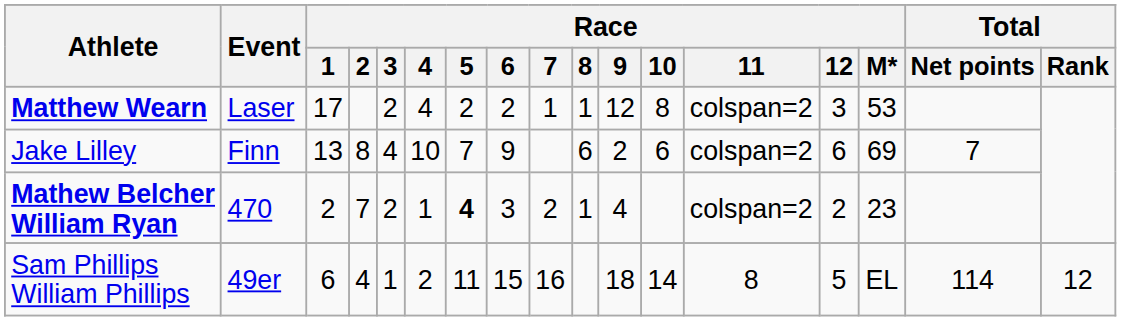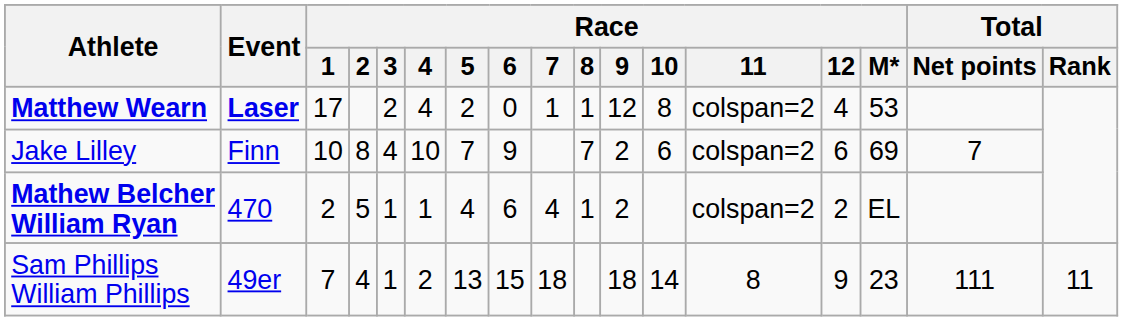 <table class=wikitable style=font-size:90%;text-align:center>
 <tr>
 <th rowspan=2>Athlete</th>
 <th rowspan=2>Event</th>
 <th colspan=13>Race</th>
 <th colspan=2>Total</th>
 </tr>
 <tr style=font-size:95%>
 <th>1</th>
 <th>2</th>
 <th>3</th>
 <th>4</th>
 <th>5</th>
 <th>6</th>
 <th>7</th>
 <th>8</th>
 <th>9</th>
 <th>10</th>
 <th>11</th>
 <th>12</th>
 <th>M*</th>
 <th>Net points</th>
 <th>Rank</th>
 </tr>
 <tr>
 <td align=left><strong><a href='#'>Matthew Wearn</a></strong></td>
-<td align=left><a href='#'>Laser</a></td>
+<td align=left><strong><a href='#'>Laser</a></strong></td>
 <td>17</td>
 <td></td>
 <td>2</td>
 <td>4</td>
 <td>2</td>
-<td>2</td>
+<td>0</td>
 <td>1</td>
 <td>1</td>
 <td>12</td>
 <td>8</td>
 <td>colspan=2 </td>
-<td>3</td>
+<td>4</td>
 <td>53</td>
 <td></td>
 </tr>
 <tr>
 <td align=left><a href='#'>Jake Lilley</a></td>
 <td align=left><a href='#'>Finn</a></td>
-<td>13</td>
+<td>10</td>
 <td>8</td>
 <td>4</td>
 <td>10</td>
 <td>7</td>
 <td>9</td>
 <td></td>
-<td>6</td>
+<td>7</td>
 <td>2</td>
 <td>6</td>
 <td>colspan=2 </td>
 <td>6</td>
 <td>69</td>
 <td>7</td>
 </tr>
 <tr>
 <td align=left><strong><a href='#'>Mathew Belcher</a><br><a href='#'>William Ryan</a></strong></td>
 <td align=left><a href='#'>470</a></td>
 <td>2</td>
-<td>7</td>
-<td>2</td>
+<td>5</td>
 <td>1</td>
-<td><strong>4</strong></td>
-<td>3</td>
-<td>2</td>
 <td>1</td>
 <td>4</td>
+<td>6</td>
+<td>4</td>
+<td>1</td>
+<td>2</td>
 <td></td>
 <td>colspan=2 </td>
 <td>2</td>
-<td>23</td>
+<td>EL</td>
 <td></td>
 </tr>
 <tr>
 <td align=left><a href='#'>Sam Phillips</a><br><a href='#'>William Phillips</a></td>
 <td align=left><a href='#'>49er</a></td>
-<td>6</td>
+<td>7</td>
 <td>4</td>
 <td>1</td>
 <td>2</td>
-<td>11</td>
+<td>13</td>
 <td>15</td>
-<td>16</td>
+<td>18</td>
 <td></td>
 <td>18</td>
 <td>14</td>
 <td>8</td>
-<td>5</td>
-<td>EL</td>
-<td>114</td>
-<td>12</td>
+<td>9</td>
+<td>23</td>
+<td>111</td>
+<td>11</td>
 </tr>
 </table>
